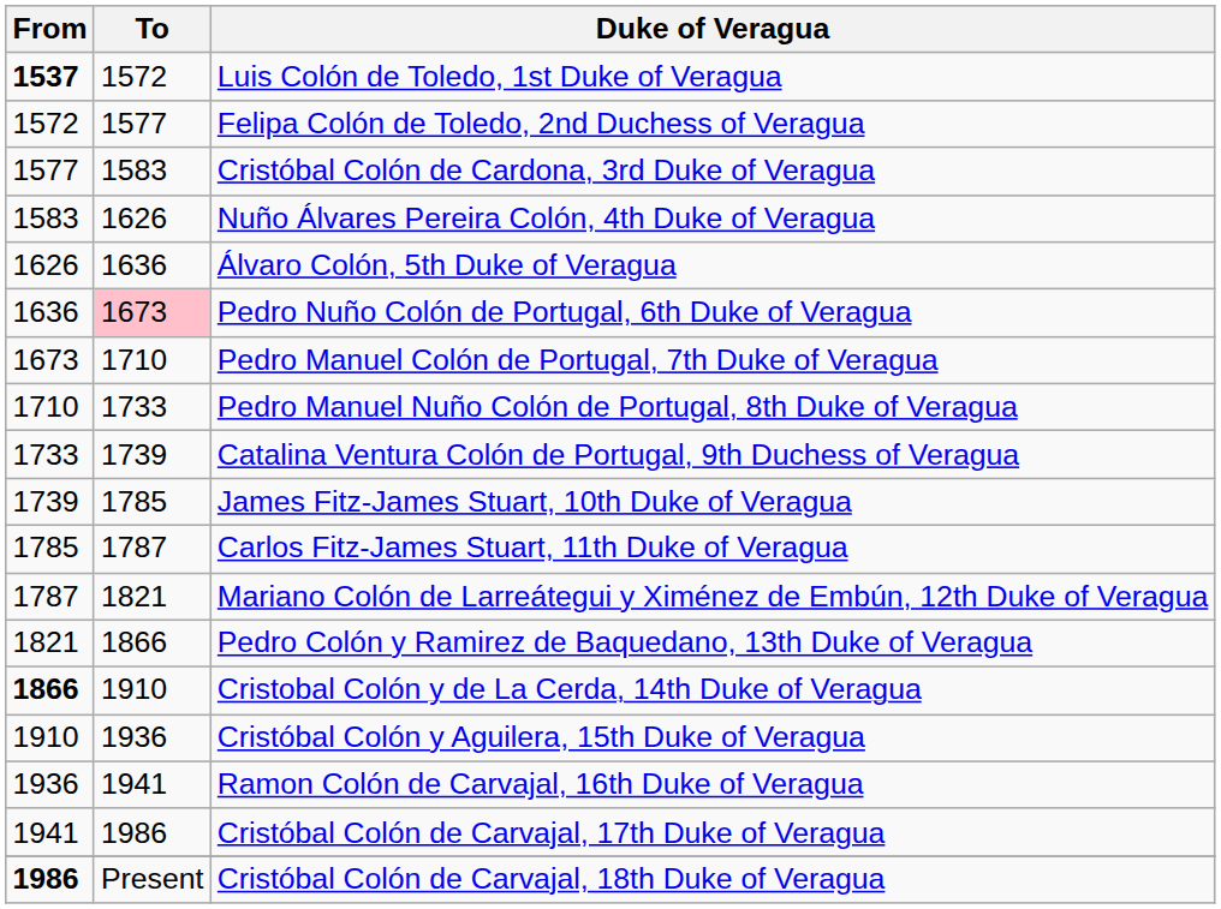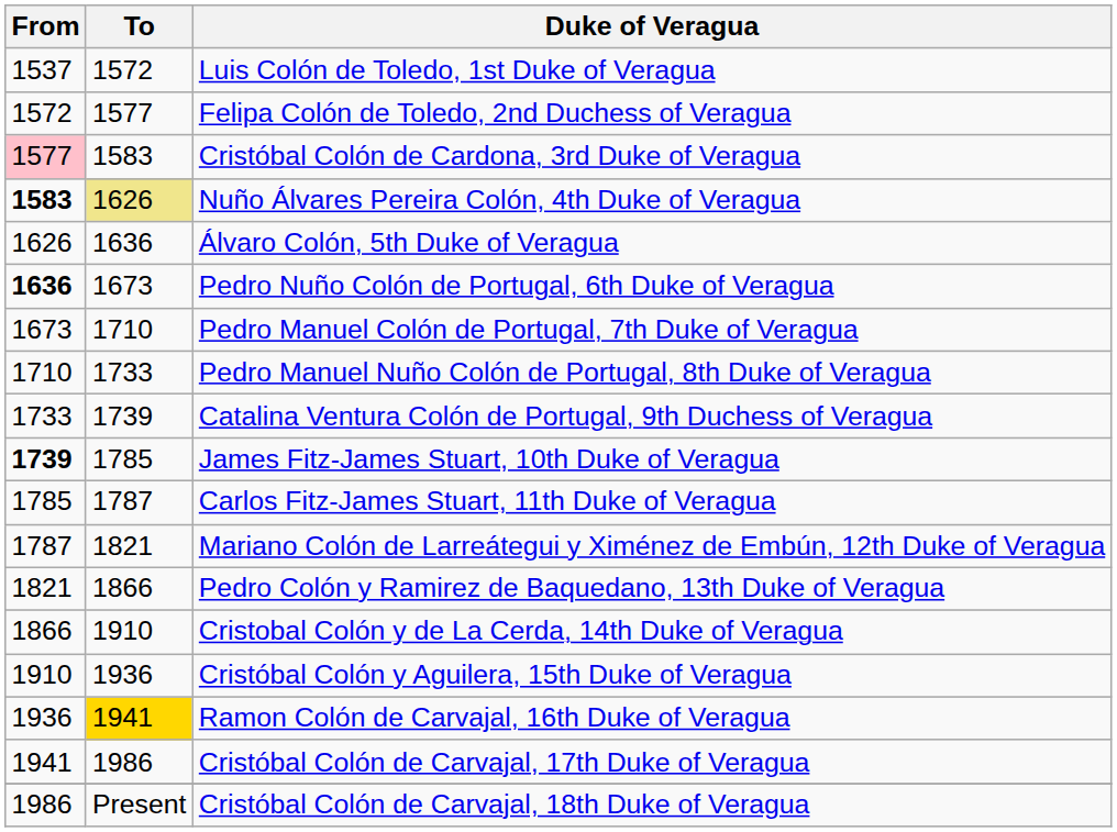 <table class="wikitable">
 <tr>
 <th>From</th>
 <th>To</th>
 <th>Duke of Veragua</th>
 </tr>
 <tr>
-<td><strong>1537</strong></td>
+<td>1537</td>
 <td>1572</td>
 <td><a href='#'>Luis Colón de Toledo, 1st Duke of Veragua</a></td>
 </tr>
 <tr>
 <td>1572</td>
 <td>1577</td>
 <td><a href='#'>Felipa Colón de Toledo, 2nd Duchess of Veragua</a></td>
 </tr>
 <tr>
-<td>1577</td>
+<td style="background: pink;">1577</td>
 <td>1583</td>
 <td><a href='#'>Cristóbal Colón de Cardona, 3rd Duke of Veragua</a></td>
 </tr>
 <tr>
-<td>1583</td>
-<td>1626</td>
+<td><strong>1583</strong></td>
+<td style="background: khaki;">1626</td>
 <td><a href='#'>Nuño Álvares Pereira Colón, 4th Duke of Veragua</a></td>
 </tr>
 <tr>
 <td>1626</td>
 <td>1636</td>
 <td><a href='#'>Álvaro Colón, 5th Duke of Veragua</a></td>
 </tr>
 <tr>
-<td>1636</td>
-<td style="background: pink;">1673</td>
+<td><strong>1636</strong></td>
+<td>1673</td>
 <td><a href='#'>Pedro Nuño Colón de Portugal, 6th Duke of Veragua</a></td>
 </tr>
 <tr>
 <td>1673</td>
 <td>1710</td>
 <td><a href='#'>Pedro Manuel Colón de Portugal, 7th Duke of Veragua</a></td>
 </tr>
 <tr>
 <td>1710</td>
 <td>1733</td>
 <td><a href='#'>Pedro Manuel Nuño Colón de Portugal, 8th Duke of Veragua</a></td>
 </tr>
 <tr>
 <td>1733</td>
 <td>1739</td>
 <td><a href='#'>Catalina Ventura Colón de Portugal, 9th Duchess of Veragua</a></td>
 </tr>
 <tr>
-<td>1739</td>
+<td><strong>1739</strong></td>
 <td>1785</td>
 <td><a href='#'>James Fitz-James Stuart, 10th Duke of Veragua</a></td>
 </tr>
 <tr>
 <td>1785</td>
 <td>1787</td>
 <td><a href='#'>Carlos Fitz-James Stuart, 11th Duke of Veragua</a></td>
 </tr>
 <tr>
 <td>1787</td>
 <td>1821</td>
 <td><a href='#'>Mariano Colón de Larreátegui y Ximénez de Embún, 12th Duke of Veragua</a></td>
 </tr>
 <tr>
 <td>1821</td>
 <td>1866</td>
 <td><a href='#'>Pedro Colón y Ramirez de Baquedano, 13th Duke of Veragua</a></td>
 </tr>
 <tr>
-<td><strong>1866</strong></td>
+<td>1866</td>
 <td>1910</td>
 <td><a href='#'>Cristobal Colón y de La Cerda, 14th Duke of Veragua</a></td>
 </tr>
 <tr>
 <td>1910</td>
 <td>1936</td>
 <td><a href='#'>Cristóbal Colón y Aguilera, 15th Duke of Veragua</a></td>
 </tr>
 <tr>
 <td>1936</td>
-<td>1941</td>
+<td style="background: gold;">1941</td>
 <td><a href='#'>Ramon Colón de Carvajal, 16th Duke of Veragua</a></td>
 </tr>
 <tr>
 <td>1941</td>
 <td>1986</td>
 <td><a href='#'>Cristóbal Colón de Carvajal, 17th Duke of Veragua</a></td>
 </tr>
 <tr>
 </tr>
 <tr>
-<td><strong>1986</strong></td>
+<td>1986</td>
 <td>Present</td>
 <td><a href='#'>Cristóbal Colón de Carvajal, 18th Duke of Veragua</a></td>
 </tr>
 </table>
